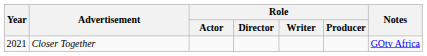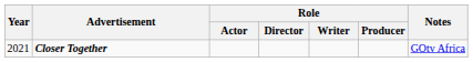 <table class="wikitable" style="margin-right: 0;">
 <tr>
 <th rowspan="2" style="width:33px;">Year</th>
 <th rowspan="2" style="width:250px;">Advertisement</th>
 <th colspan="4">Role</th>
 <th rowspan="2">Notes</th>
 </tr>
 <tr>
 <th style="width:65px;">Actor</th>
 <th style="width:65px;">Director</th>
 <th style="width:65px;">Writer</th>
 <th style="width:65px;">Producer</th>
 </tr>
 <tr>
 <td rowspan="2">2021</td>
-<td><em>Closer Together</em></td>
+<td><strong><em>Closer Together</em></strong></td>
 <td></td>
 <td></td>
 <td></td>
 <td></td>
 <td rowspan="2"><a href='#'>GOtv Africa</a></td>
 </tr>
 </table>
